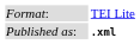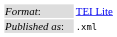 <table style="text-align:left;">
 <tr>
 <td style="background:#ddd; width:100px;"><em>Format</em>:</td>
 <td><a href='#'>TEI Lite</a></td>
 </tr>
 <tr>
 <td style="background:#ddd;"><em>Published as</em>:</td>
-<td><strong><code>.xml</code></strong></td>
+<td><code>.xml</code></td>
 </tr>
 </table>
